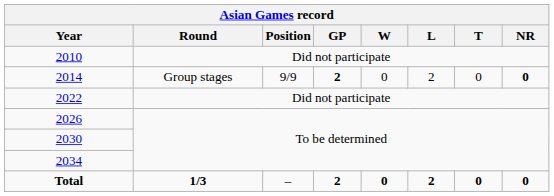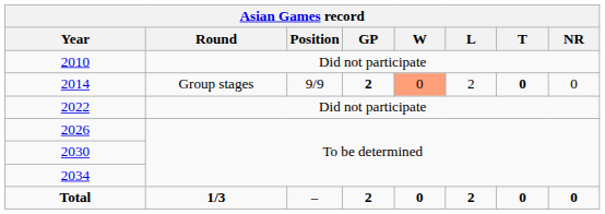 <table class="wikitable" style="text-align: center; width=900px;">
 <tr>
 <th colspan=9><a href='#'>Asian Games</a> record</th>
 </tr>
 <tr>
 <th width=150>Year</th>
 <th width=150>Round</th>
 <th width=50>Position</th>
 <th width=50>GP</th>
 <th width=50>W</th>
 <th width=50>L</th>
 <th width=50>T</th>
 <th width=50>NR</th>
 </tr>
 <tr>
 <td> <a href='#'>2010</a></td>
 <td rowspan=1 colspan=8>Did not participate</td>
 </tr>
 <tr>
 <td> <a href='#'>2014</a></td>
 <td>Group stages</td>
 <td>9/9</td>
 <td><strong>2</strong></td>
+<td style="background: lightsalmon;">0</td>
+<td>2</td>
+<td><strong>0</strong></td>
 <td>0</td>
-<td>2</td>
-<td>0</td>
-<td><strong>0</strong></td>
 </tr>
 <tr>
 <td> <a href='#'>2022</a></td>
 <td rowspan=1 colspan=8>Did not participate</td>
 </tr>
 <tr>
 <td> <a href='#'>2026</a></td>
 <td rowspan=3 colspan=8>To be determined</td>
 </tr>
 <tr>
 <td> <a href='#'>2030</a></td>
 </tr>
 <tr>
 <td> <a href='#'>2034</a></td>
 </tr>
 <tr>
 <td><strong>Total</strong></td>
 <td><strong>1/3</strong></td>
 <td>–</td>
 <td><strong>2</strong></td>
 <td><strong>0</strong></td>
 <td><strong>2</strong></td>
 <td><strong>0</strong></td>
 <td><strong>0</strong></td>
 </tr>
 </table>
